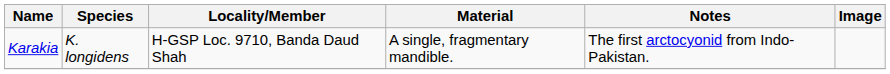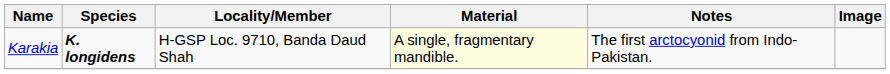 <table class="wikitable" align="center" width="75%">
 <tr>
 <th>Name</th>
 <th>Species</th>
 <th>Locality/Member</th>
 <th>Material</th>
 <th>Notes</th>
 <th>Image</th>
 </tr>
 <tr>
 <td><em><a href='#'>Karakia</a></em></td>
-<td><em>K. longidens</em></td>
+<td><strong><em>K. longidens</em></strong></td>
 <td>H-GSP Loc. 9710, Banda Daud Shah</td>
-<td>A single, fragmentary mandible.</td>
+<td style="background: lightyellow;">A single, fragmentary mandible.</td>
 <td>The first <a href='#'>arctocyonid</a> from Indo-Pakistan.</td>
 <td></td>
 </tr>
 <tr>
 </tr>
 </table>
